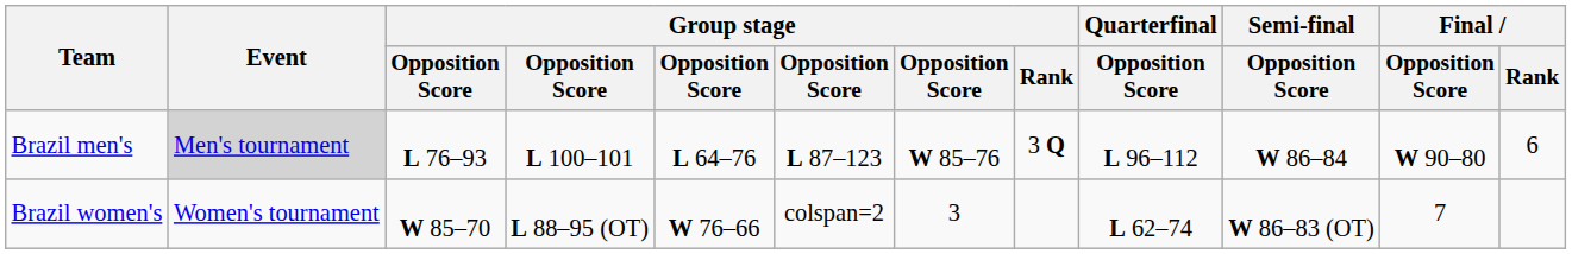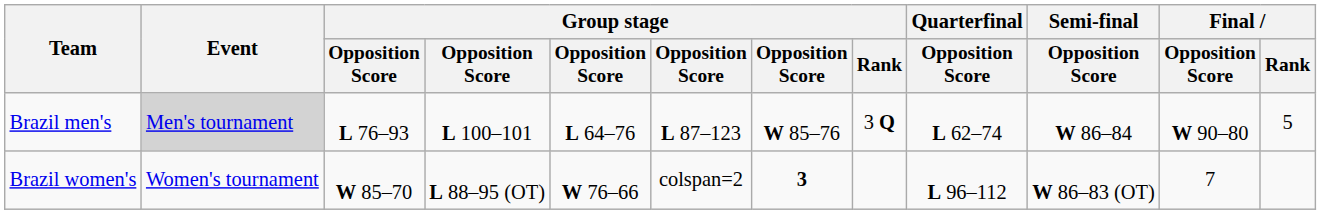 <table class="wikitable" style="font-size:90%">
 <tr>
 <th rowspan=2>Team</th>
 <th rowspan=2>Event</th>
 <th colspan=6>Group stage</th>
 <th>Quarterfinal</th>
 <th>Semi-final</th>
 <th colspan=2>Final / </th>
 </tr>
 <tr style="font-size:95%">
 <th>Opposition<br>Score</th>
 <th>Opposition<br>Score</th>
 <th>Opposition<br>Score</th>
 <th>Opposition<br>Score</th>
 <th>Opposition<br>Score</th>
 <th>Rank</th>
 <th>Opposition<br>Score</th>
 <th>Opposition<br>Score</th>
 <th>Opposition<br>Score</th>
 <th>Rank</th>
 </tr>
 <tr align=center>
 <td align=left><a href='#'>Brazil men's</a></td>
 <td align=left style="background: lightgrey;"><a href='#'>Men's tournament</a></td>
 <td><br><strong>L</strong> 76–93</td>
 <td><br><strong>L</strong> 100–101</td>
 <td><br><strong>L</strong> 64–76</td>
 <td><br><strong>L</strong> 87–123</td>
 <td><br><strong>W</strong> 85–76</td>
 <td>3 <strong>Q</strong></td>
-<td><br><strong>L</strong> 96–112</td>
+<td><br><strong>L</strong> 62–74</td>
 <td><br><strong>W</strong> 86–84</td>
 <td><br><strong>W</strong> 90–80</td>
-<td>6</td>
+<td>5</td>
 </tr>
 <tr align=center>
 <td align=left><a href='#'>Brazil women's</a></td>
 <td align=left><a href='#'>Women's tournament</a></td>
 <td><br><strong>W</strong> 85–70</td>
 <td><br><strong>L</strong> 88–95 (OT)</td>
 <td><br><strong>W</strong> 76–66</td>
 <td>colspan=2</td>
-<td>3</td>
+<td><strong>3</strong></td>
 <td></td>
-<td><br><strong>L</strong> 62–74</td>
+<td><br><strong>L</strong> 96–112</td>
 <td><br><strong>W</strong> 86–83 (OT)</td>
 <td>7</td>
 </tr>
 </table>
